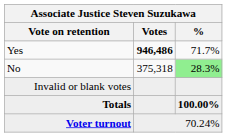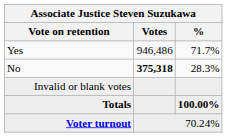 <table class="wikitable" style="font-size: 95%;">
 <tr style="background-color:#E9E9E9">
 <th colspan=7>Associate Justice Steven Suzukawa</th>
 </tr>
 <tr style="background-color:#E9E9E9">
 <th style="width: 170px">Vote on retention</th>
 <th style="width: 50px">Votes</th>
 <th style="width: 40px">%</th>
 </tr>
 <tr>
 <td>Yes</td>
-<td align="right"><strong>946,486</strong></td>
+<td align="right">946,486</td>
 <td align="right">71.7%</td>
 </tr>
 <tr>
 <td>No</td>
-<td align="right">375,318</td>
-<td align="right" style="background: lightgreen;">28.3%</td>
+<td align="right"><strong>375,318</strong></td>
+<td align="right">28.3%</td>
 </tr>
 <tr bgcolor="#EEEEEE">
 <td align="right">Invalid or blank votes</td>
 <td align="right"></td>
 <td align="right"></td>
 </tr>
 <tr bgcolor="#EEEEEE">
 <td align="right"><strong>Totals</strong></td>
 <td align="right"><strong></strong></td>
 <td align="right"><strong>100.00%</strong></td>
 </tr>
 <tr bgcolor="#EEEEEE">
 <td align="right"><strong><a href='#'>Voter turnout</a></strong></td>
 <td colspan="2" align="right">70.24%</td>
 </tr>
 </table>
